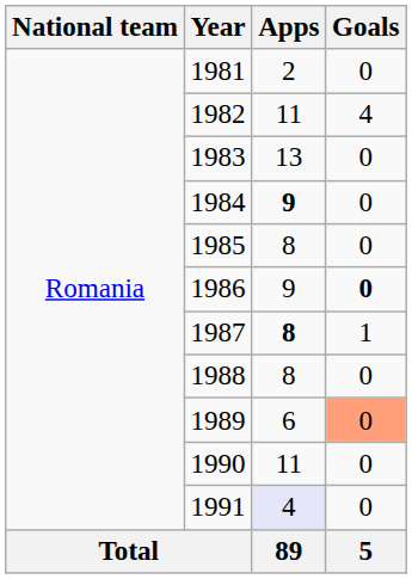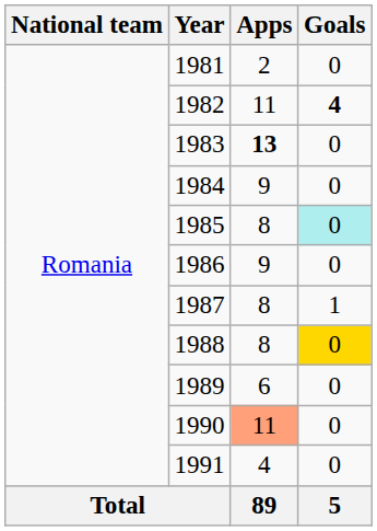 <table class="wikitable" style="text-align:center">
 <tr>
 <th>National team</th>
 <th>Year</th>
 <th>Apps</th>
 <th>Goals</th>
 </tr>
 <tr>
 <td rowspan="11"><a href='#'>Romania</a></td>
 <td>1981</td>
 <td>2</td>
 <td>0</td>
 </tr>
 <tr>
 <td>1982</td>
 <td>11</td>
-<td>4</td>
+<td><strong>4</strong></td>
 </tr>
 <tr>
 <td>1983</td>
-<td>13</td>
+<td><strong>13</strong></td>
 <td>0</td>
 </tr>
 <tr>
 <td>1984</td>
-<td><strong>9</strong></td>
+<td>9</td>
 <td>0</td>
 </tr>
 <tr>
 <td>1985</td>
 <td>8</td>
-<td>0</td>
+<td style="background: paleturquoise;">0</td>
 </tr>
 <tr>
 <td>1986</td>
 <td>9</td>
-<td><strong>0</strong></td>
+<td>0</td>
 </tr>
 <tr>
 <td>1987</td>
-<td><strong>8</strong></td>
+<td>8</td>
 <td>1</td>
 </tr>
 <tr>
 <td>1988</td>
 <td>8</td>
-<td>0</td>
+<td style="background: gold;">0</td>
 </tr>
 <tr>
 <td>1989</td>
 <td>6</td>
-<td style="background: lightsalmon;">0</td>
+<td>0</td>
 </tr>
 <tr>
 <td>1990</td>
-<td>11</td>
+<td style="background: lightsalmon;">11</td>
 <td>0</td>
 </tr>
 <tr>
 <td>1991</td>
-<td style="background: lavender;">4</td>
+<td>4</td>
 <td>0</td>
 </tr>
 <tr>
 <th colspan="2">Total</th>
 <th>89</th>
 <th>5</th>
 </tr>
 </table>
